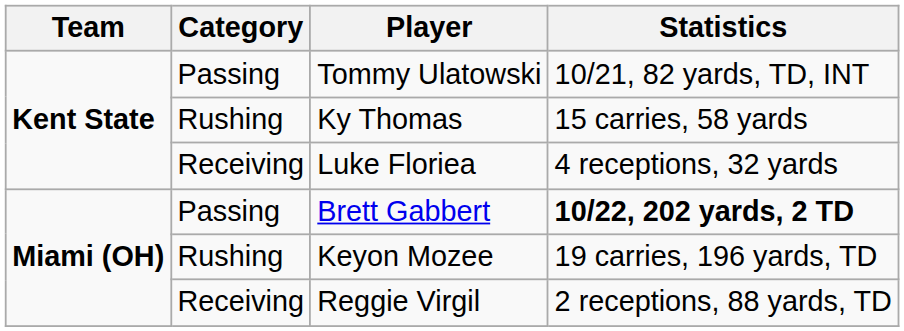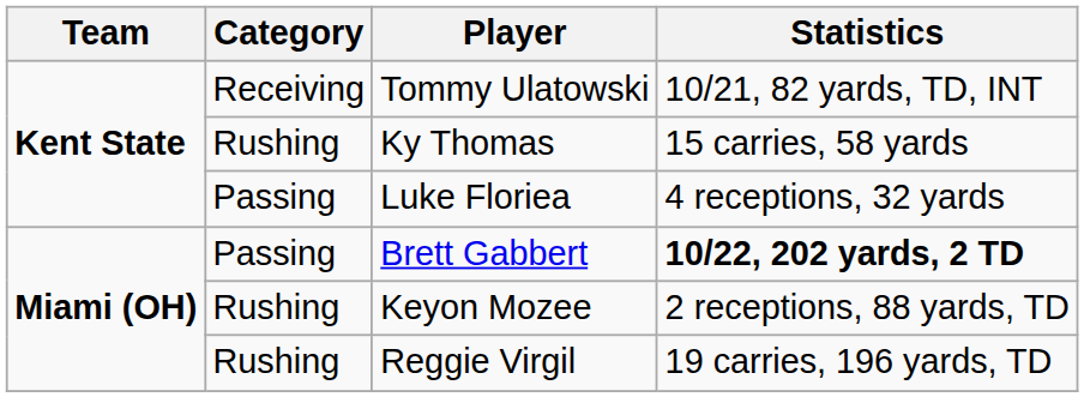 <table class="wikitable" style="float:right">
 <tr>
 <th>Team</th>
 <th>Category</th>
 <th>Player</th>
 <th>Statistics</th>
 </tr>
 <tr>
 <td rowspan=3><strong>Kent State</strong></td>
-<td>Passing</td>
+<td>Receiving</td>
 <td>Tommy Ulatowski</td>
 <td>10/21, 82 yards, TD, INT</td>
 </tr>
 <tr>
 <td>Rushing</td>
 <td>Ky Thomas</td>
 <td>15 carries, 58 yards</td>
 </tr>
 <tr>
-<td>Receiving</td>
+<td>Passing</td>
 <td>Luke Floriea</td>
 <td>4 receptions, 32 yards</td>
 </tr>
 <tr>
 <td rowspan=3><strong>Miami (OH)</strong></td>
 <td>Passing</td>
 <td><a href='#'>Brett Gabbert</a></td>
 <td><strong>10/22, 202 yards, 2 TD</strong></td>
 </tr>
 <tr>
 <td>Rushing</td>
 <td>Keyon Mozee</td>
+<td>2 receptions, 88 yards, TD</td>
+</tr>
+<tr>
+<td>Rushing</td>
+<td>Reggie Virgil</td>
 <td>19 carries, 196 yards, TD</td>
 </tr>
-<tr>
-<td>Receiving</td>
-<td>Reggie Virgil</td>
-<td>2 receptions, 88 yards, TD</td>
-</tr>
 </table>
